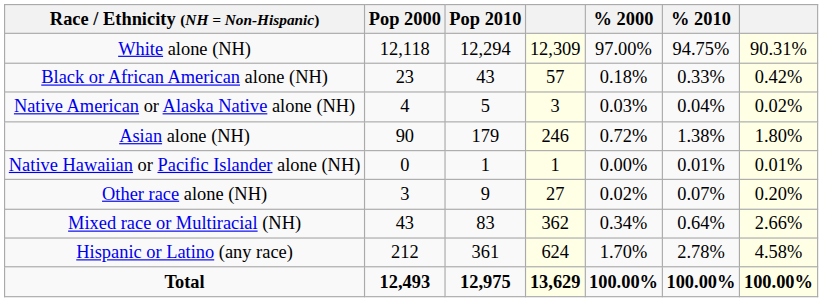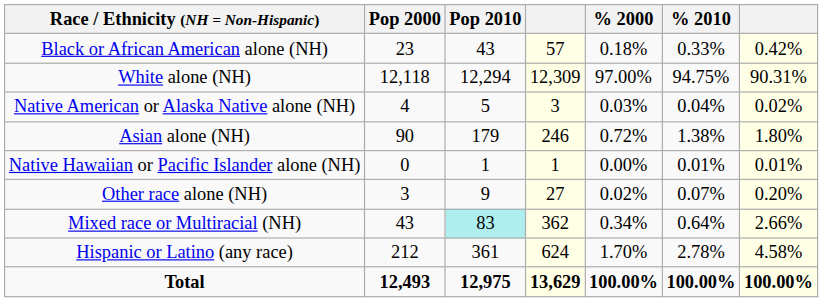 <table class="wikitable" style="text-align:center;">
 <tr>
 <th>Race / Ethnicity <small>(<em>NH = Non-Hispanic</em>)</small></th>
 <th>Pop 2000</th>
 <th>Pop 2010</th>
 <th></th>
 <th>% 2000</th>
 <th>% 2010</th>
 <th></th>
 </tr>
 <tr>
+<td><a href='#'>Black or African American</a> alone (NH)</td>
+<td>23</td>
+<td>43</td>
+<td style='background: #ffffe6;'>57</td>
+<td>0.18%</td>
+<td>0.33%</td>
+<td style='background: #ffffe6;'>0.42%</td>
+</tr>
+<tr>
 <td><a href='#'>White</a> alone (NH)</td>
 <td>12,118</td>
 <td>12,294</td>
 <td style='background: #ffffe6;'>12,309</td>
 <td>97.00%</td>
 <td>94.75%</td>
 <td style='background: #ffffe6;'>90.31%</td>
-</tr>
-<tr>
-<td><a href='#'>Black or African American</a> alone (NH)</td>
-<td>23</td>
-<td>43</td>
-<td style='background: #ffffe6;'>57</td>
-<td>0.18%</td>
-<td>0.33%</td>
-<td style='background: #ffffe6;'>0.42%</td>
 </tr>
 <tr>
 <td><a href='#'>Native American</a> or <a href='#'>Alaska Native</a> alone (NH)</td>
 <td>4</td>
 <td>5</td>
 <td style='background: #ffffe6;'>3</td>
 <td>0.03%</td>
 <td>0.04%</td>
 <td style='background: #ffffe6;'>0.02%</td>
 </tr>
 <tr>
 <td><a href='#'>Asian</a> alone (NH)</td>
 <td>90</td>
 <td>179</td>
 <td style='background: #ffffe6;'>246</td>
 <td>0.72%</td>
 <td>1.38%</td>
 <td style='background: #ffffe6;'>1.80%</td>
 </tr>
 <tr>
 <td><a href='#'>Native Hawaiian</a> or <a href='#'>Pacific Islander</a> alone (NH)</td>
 <td>0</td>
 <td>1</td>
 <td style='background: #ffffe6;'>1</td>
 <td>0.00%</td>
 <td>0.01%</td>
 <td style='background: #ffffe6;'>0.01%</td>
 </tr>
 <tr>
 <td><a href='#'>Other race</a> alone (NH)</td>
 <td>3</td>
 <td>9</td>
 <td style='background: #ffffe6;'>27</td>
 <td>0.02%</td>
 <td>0.07%</td>
 <td style='background: #ffffe6;'>0.20%</td>
 </tr>
 <tr>
 <td><a href='#'>Mixed race or Multiracial</a> (NH)</td>
 <td>43</td>
-<td>83</td>
+<td style="background: paleturquoise;">83</td>
 <td style='background: #ffffe6;'>362</td>
 <td>0.34%</td>
 <td>0.64%</td>
 <td style='background: #ffffe6;'>2.66%</td>
 </tr>
 <tr>
 <td><a href='#'>Hispanic or Latino</a> (any race)</td>
 <td>212</td>
 <td>361</td>
 <td style='background: #ffffe6;'>624</td>
 <td>1.70%</td>
 <td>2.78%</td>
 <td style='background: #ffffe6;'>4.58%</td>
 </tr>
 <tr>
 <td><strong>Total</strong></td>
 <td><strong>12,493</strong></td>
 <td><strong>12,975</strong></td>
 <td style='background: #ffffe6;'><strong>13,629</strong></td>
 <td><strong>100.00%</strong></td>
 <td><strong>100.00%</strong></td>
 <td style='background: #ffffe6;'><strong>100.00%</strong></td>
 </tr>
 </table>
